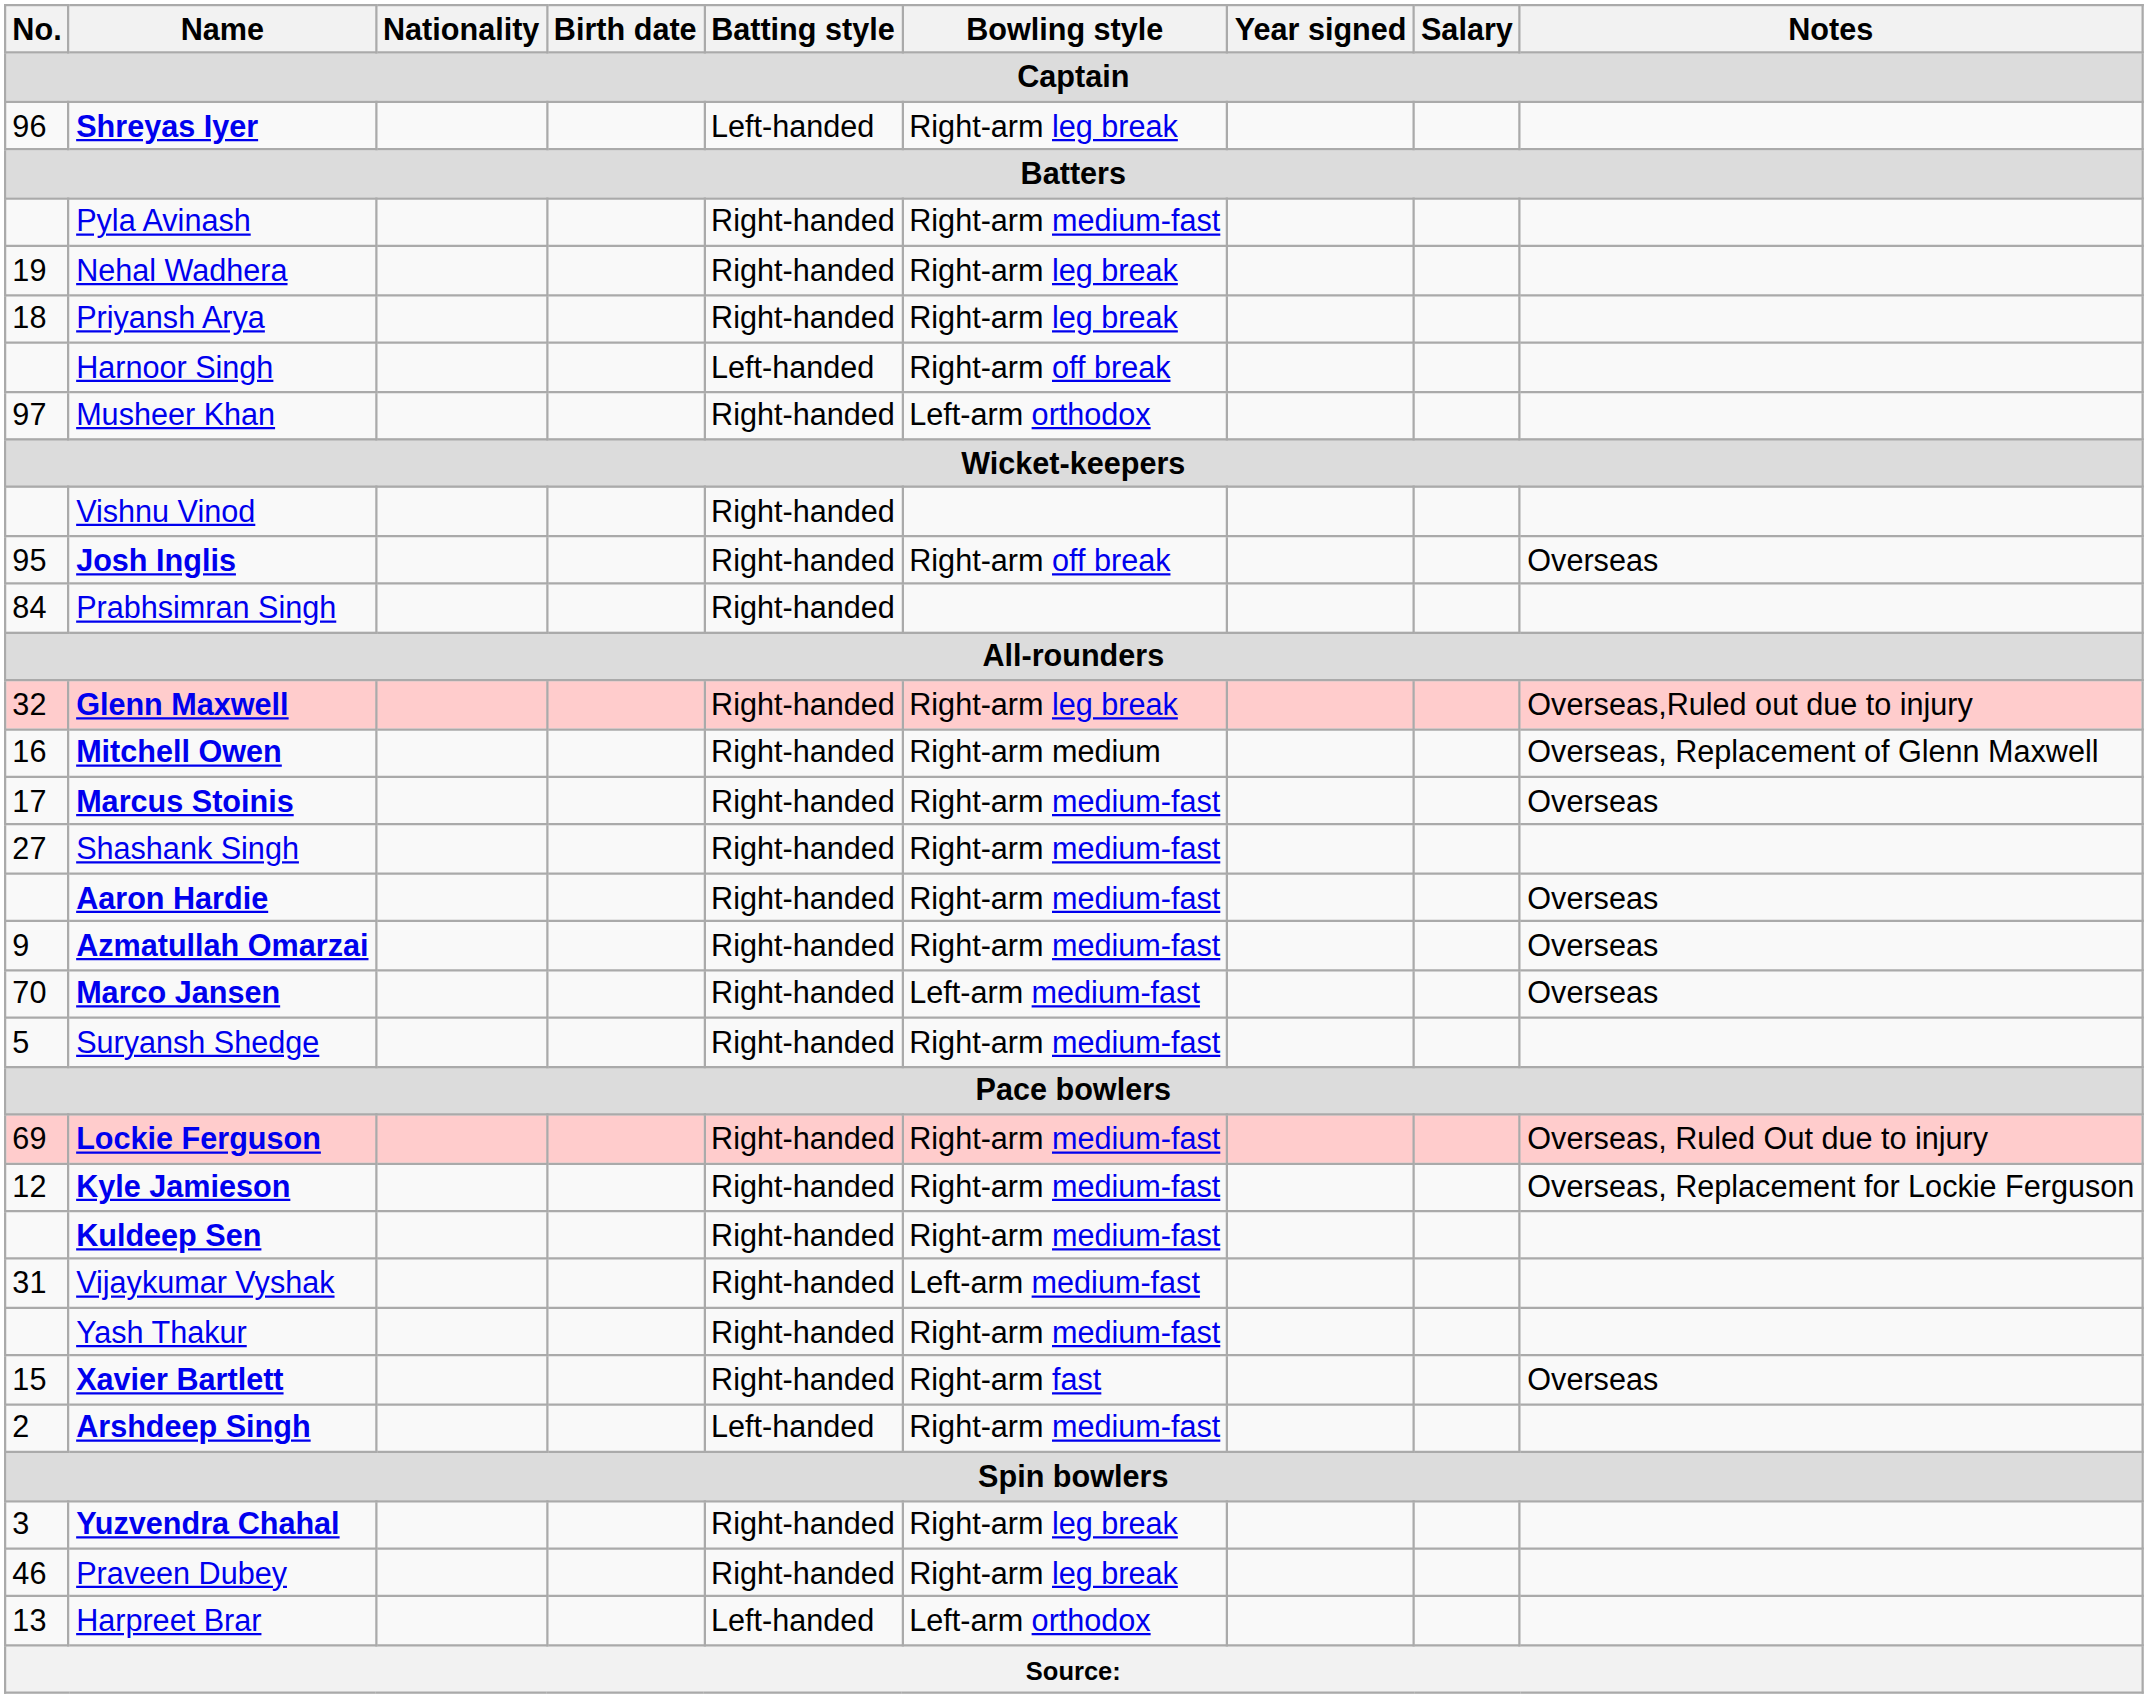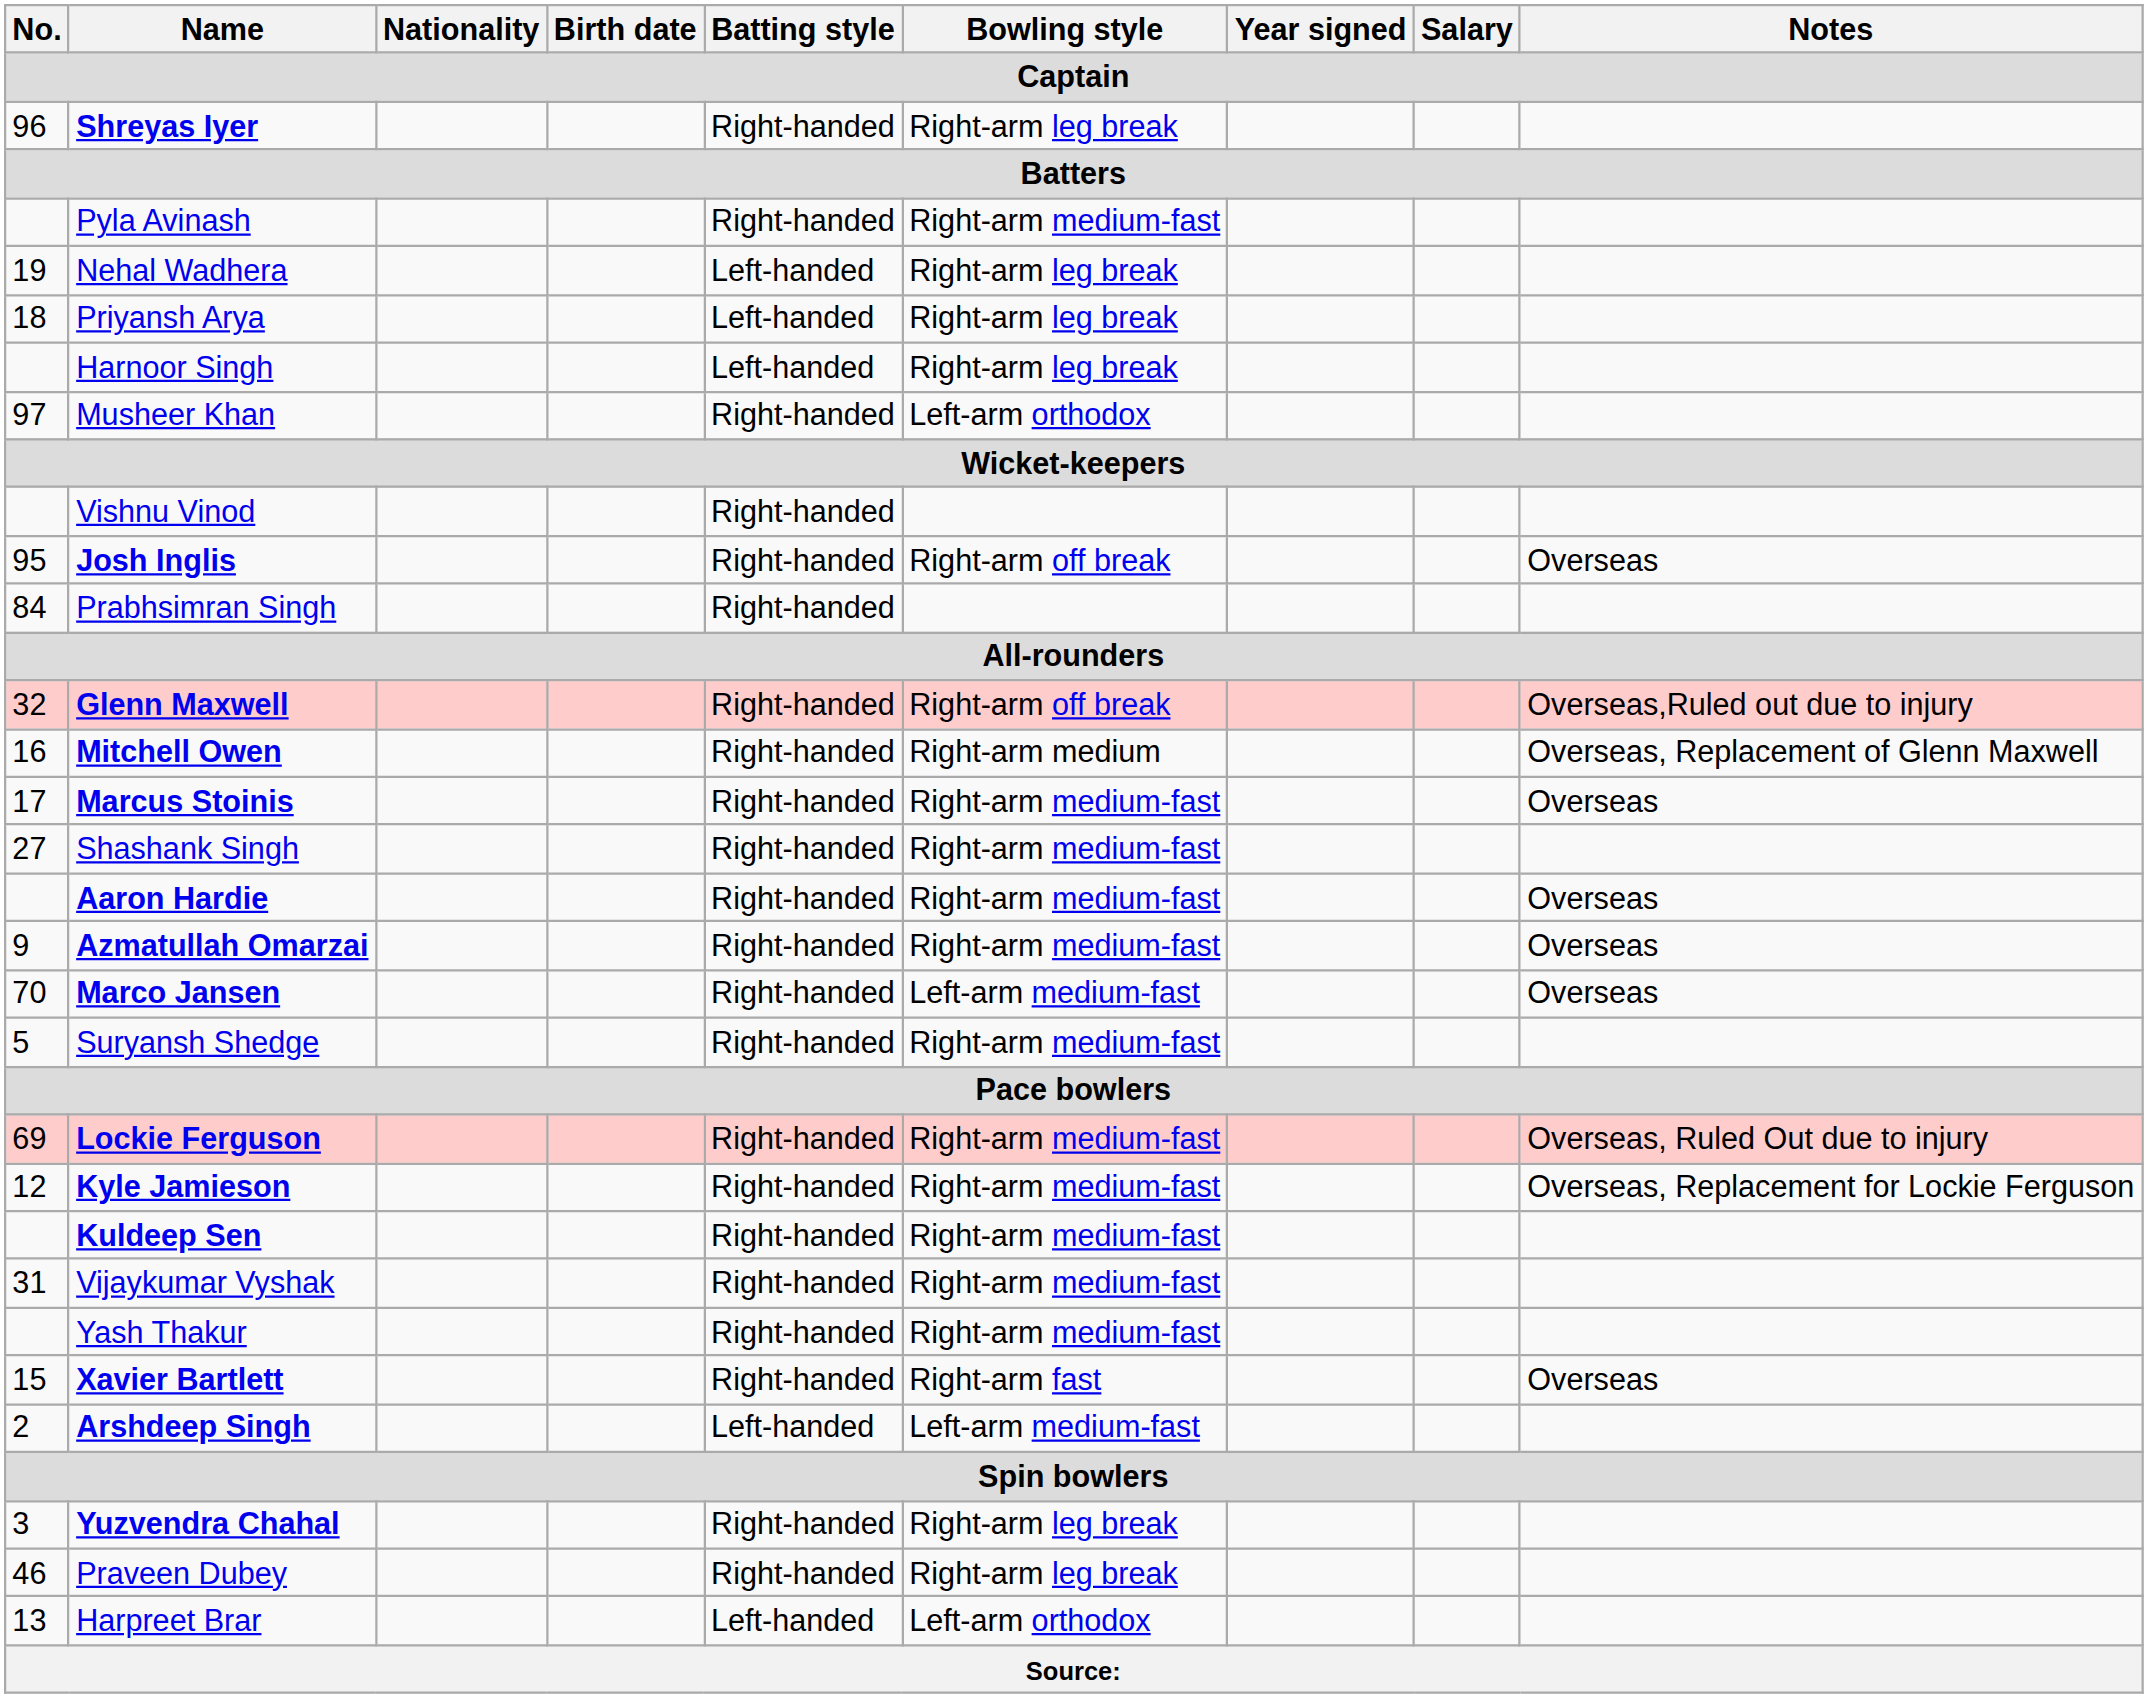 <table class="wikitable" style="font-size:85%">
 <tr>
 <th style="background:; color:; text-align:center;">No.</th>
 <th style="background:; color:; text-align:center;">Name</th>
 <th style="background:; color:; text-align:center;">Nationality</th>
 <th style="background:; color:; text-align:center;">Birth date</th>
 <th style="background:; color:; text-align:center;">Batting style</th>
 <th style="background:; color:; text-align:center;">Bowling style</th>
 <th style="background:; color:; text-align:center;">Year signed</th>
 <th style="background:; color:; text-align:center;">Salary</th>
 <th style="background:; color:; text-align:center;">Notes</th>
 </tr>
 <tr>
 <th colspan="9"  style="background:#dcdcdc; text-align:center;">Captain</th>
 </tr>
 <tr>
 <td>96</td>
 <td><strong><a href='#'>Shreyas Iyer</a></strong></td>
 <td></td>
 <td></td>
-<td>Left-handed</td>
+<td>Right-handed</td>
 <td>Right-arm <a href='#'>leg break</a></td>
 <td style="text-align:right;"></td>
 <td style="text-align:right;"></td>
 <td></td>
 </tr>
 <tr>
 <th colspan="9"  style="background:#dcdcdc; text-align:center;">Batters</th>
 </tr>
 <tr>
 <td></td>
 <td><a href='#'>Pyla Avinash</a></td>
 <td></td>
 <td></td>
 <td>Right-handed</td>
 <td>Right-arm <a href='#'>medium-fast</a></td>
 <td style="text-align:right;"></td>
 <td style="text-align:right;"></td>
 <td></td>
 </tr>
 <tr>
 <td>19</td>
 <td><a href='#'>Nehal Wadhera</a></td>
 <td></td>
 <td></td>
-<td>Right-handed</td>
+<td>Left-handed</td>
 <td>Right-arm <a href='#'>leg break</a></td>
 <td style="text-align:right;"></td>
 <td style="text-align:right;"></td>
 <td></td>
 </tr>
 <tr>
 <td>18</td>
 <td><a href='#'>Priyansh Arya</a></td>
 <td></td>
 <td></td>
-<td>Right-handed</td>
+<td>Left-handed</td>
 <td>Right-arm <a href='#'>leg break</a></td>
 <td style="text-align:right;"></td>
 <td style="text-align:right;"></td>
 <td></td>
 </tr>
 <tr>
 <td></td>
 <td><a href='#'>Harnoor Singh</a></td>
 <td></td>
 <td></td>
 <td>Left-handed</td>
-<td>Right-arm <a href='#'>off break</a></td>
+<td>Right-arm <a href='#'>leg break</a></td>
 <td style="text-align:right;"></td>
 <td style="text-align:right;"></td>
 <td></td>
 </tr>
 <tr>
 <td>97</td>
 <td><a href='#'>Musheer Khan</a></td>
 <td></td>
 <td></td>
 <td>Right-handed</td>
 <td>Left-arm <a href='#'>orthodox</a></td>
 <td style="text-align:right;"></td>
 <td style="text-align:right;"></td>
 <td></td>
 </tr>
 <tr>
 <th colspan="9" style="background:#dcdcdc; text-align:center">Wicket-keepers</th>
 </tr>
 <tr>
 <td></td>
 <td><a href='#'>Vishnu Vinod</a></td>
 <td></td>
 <td></td>
 <td>Right-handed</td>
 <td></td>
 <td style="text-align:right;"></td>
 <td style="text-align:right;"></td>
 <td></td>
 </tr>
 <tr>
 <td>95</td>
 <td><strong><a href='#'>Josh Inglis</a></strong></td>
 <td></td>
 <td></td>
 <td>Right-handed</td>
 <td>Right-arm <a href='#'>off break</a></td>
 <td style="text-align:right;"></td>
 <td style="text-align:right;"></td>
 <td>Overseas</td>
 </tr>
 <tr>
 <td>84</td>
 <td><a href='#'>Prabhsimran Singh</a></td>
 <td></td>
 <td></td>
 <td>Right-handed</td>
 <td></td>
 <td style="text-align:right;"></td>
 <td style="text-align:right;"></td>
 <td></td>
 </tr>
 <tr>
 <th colspan="9" style="background:#dcdcdc; text-align:center">All-rounders</th>
 </tr>
 <tr style="background:#FFCCCC">
 <td>32</td>
 <td><strong><a href='#'>Glenn Maxwell</a></strong></td>
 <td></td>
 <td></td>
 <td>Right-handed</td>
-<td>Right-arm <a href='#'>leg break</a></td>
+<td>Right-arm <a href='#'>off break</a></td>
 <td style="text-align:right;"></td>
 <td style="text-align:right;"></td>
 <td>Overseas,Ruled out due to injury</td>
 </tr>
 <tr>
 <td>16</td>
 <td><strong><a href='#'>Mitchell Owen</a></strong></td>
 <td></td>
 <td></td>
 <td>Right-handed</td>
 <td>Right-arm medium</td>
 <td style="text-align:right;"></td>
 <td style="text-align:right;"></td>
 <td>Overseas, Replacement of Glenn Maxwell</td>
 </tr>
 <tr>
 <td>17</td>
 <td><strong><a href='#'>Marcus Stoinis</a></strong></td>
 <td></td>
 <td></td>
 <td>Right-handed</td>
 <td>Right-arm <a href='#'>medium-fast</a></td>
 <td style="text-align:right;"></td>
 <td style="text-align:right;"></td>
 <td>Overseas</td>
 </tr>
 <tr>
 <td>27</td>
 <td><a href='#'>Shashank Singh</a></td>
 <td></td>
 <td></td>
 <td>Right-handed</td>
 <td>Right-arm <a href='#'>medium-fast</a></td>
 <td style="text-align:right;"></td>
 <td style="text-align:right;"></td>
 <td></td>
 </tr>
 <tr>
 <td></td>
 <td><strong><a href='#'>Aaron Hardie</a></strong></td>
 <td></td>
 <td></td>
 <td>Right-handed</td>
 <td>Right-arm <a href='#'>medium-fast</a></td>
 <td style="text-align:right;"></td>
 <td style="text-align:right;"></td>
 <td>Overseas</td>
 </tr>
 <tr>
 <td>9</td>
 <td><strong><a href='#'>Azmatullah Omarzai</a></strong></td>
 <td></td>
 <td></td>
 <td>Right-handed</td>
 <td>Right-arm <a href='#'>medium-fast</a></td>
 <td style="text-align:right;"></td>
 <td style="text-align:right;"></td>
 <td>Overseas</td>
 </tr>
 <tr>
 <td>70</td>
 <td><strong><a href='#'>Marco Jansen</a></strong></td>
 <td></td>
 <td></td>
 <td>Right-handed</td>
 <td>Left-arm <a href='#'>medium-fast</a></td>
 <td style="text-align:right;"></td>
 <td style="text-align:right;"></td>
 <td>Overseas</td>
 </tr>
 <tr>
 <td>5</td>
 <td><a href='#'>Suryansh Shedge</a></td>
 <td></td>
 <td></td>
 <td>Right-handed</td>
 <td>Right-arm <a href='#'>medium-fast</a></td>
 <td style="text-align:right;"></td>
 <td style="text-align:right;"></td>
 <td></td>
 </tr>
 <tr>
 <th colspan="9"  style="background:#dcdcdc; text-align:center;">Pace bowlers</th>
 </tr>
 <tr style="background:#FFCCCC">
 <td>69</td>
 <td><strong><a href='#'>Lockie Ferguson</a></strong></td>
 <td></td>
 <td></td>
 <td>Right-handed</td>
 <td>Right-arm <a href='#'>medium-fast</a></td>
 <td style="text-align:right;"></td>
 <td style="text-align:right;"></td>
 <td>Overseas, Ruled Out due to injury</td>
 </tr>
 <tr>
 <td>12</td>
 <td><strong><a href='#'>Kyle Jamieson</a></strong></td>
 <td></td>
 <td></td>
 <td>Right-handed</td>
 <td>Right-arm <a href='#'>medium-fast</a></td>
 <td style="text-align:right;"></td>
 <td style="text-align:right;"></td>
 <td>Overseas, Replacement for Lockie Ferguson</td>
 </tr>
 <tr>
 <td></td>
 <td><strong><a href='#'>Kuldeep Sen</a></strong></td>
 <td></td>
 <td></td>
 <td>Right-handed</td>
 <td>Right-arm <a href='#'>medium-fast</a></td>
 <td style="text-align:right;"></td>
 <td style="text-align:right;"></td>
 <td></td>
 </tr>
 <tr>
 <td>31</td>
 <td><a href='#'>Vijaykumar Vyshak</a></td>
 <td></td>
 <td></td>
 <td>Right-handed</td>
-<td>Left-arm <a href='#'>medium-fast</a></td>
+<td>Right-arm <a href='#'>medium-fast</a></td>
 <td style="text-align:right;"></td>
 <td style="text-align:right;"></td>
 <td></td>
 </tr>
 <tr>
 <td></td>
 <td><a href='#'>Yash Thakur</a></td>
 <td></td>
 <td></td>
 <td>Right-handed</td>
 <td>Right-arm <a href='#'>medium-fast</a></td>
 <td style="text-align:right;"></td>
 <td style="text-align:right;"></td>
 <td></td>
 </tr>
 <tr>
 <td>15</td>
 <td><strong><a href='#'>Xavier Bartlett</a></strong></td>
 <td></td>
 <td></td>
 <td>Right-handed</td>
 <td>Right-arm <a href='#'>fast</a></td>
 <td style="text-align:right;"></td>
 <td style="text-align:right;"></td>
 <td>Overseas</td>
 </tr>
 <tr>
 <td>2</td>
 <td><strong><a href='#'>Arshdeep Singh</a></strong></td>
 <td></td>
 <td></td>
 <td>Left-handed</td>
-<td>Right-arm <a href='#'>medium-fast</a></td>
+<td>Left-arm <a href='#'>medium-fast</a></td>
 <td style="text-align:right;"></td>
 <td style="text-align:right;"></td>
 <td></td>
 </tr>
 <tr>
 <th colspan="9"  style="background:#dcdcdc; text-align:center;">Spin bowlers</th>
 </tr>
 <tr>
 <td>3</td>
 <td><strong><a href='#'>Yuzvendra Chahal</a></strong></td>
 <td></td>
 <td></td>
 <td>Right-handed</td>
 <td>Right-arm <a href='#'>leg break</a></td>
 <td style="text-align:right;"></td>
 <td style="text-align:right;"></td>
 <td></td>
 </tr>
 <tr>
 <td>46</td>
 <td><a href='#'>Praveen Dubey</a></td>
 <td></td>
 <td></td>
 <td>Right-handed</td>
 <td>Right-arm <a href='#'>leg break</a></td>
 <td style="text-align:right;"></td>
 <td style="text-align:right;"></td>
 <td></td>
 </tr>
 <tr>
 <td>13</td>
 <td><a href='#'>Harpreet Brar</a></td>
 <td></td>
 <td></td>
 <td>Left-handed</td>
 <td>Left-arm <a href='#'>orthodox</a></td>
 <td style="text-align:right;"></td>
 <td style="text-align:right;"></td>
 <td></td>
 </tr>
 <tr>
 <th colspan="9" style="text-align:center;"><small>Source: </small></th>
 </tr>
 </table>
